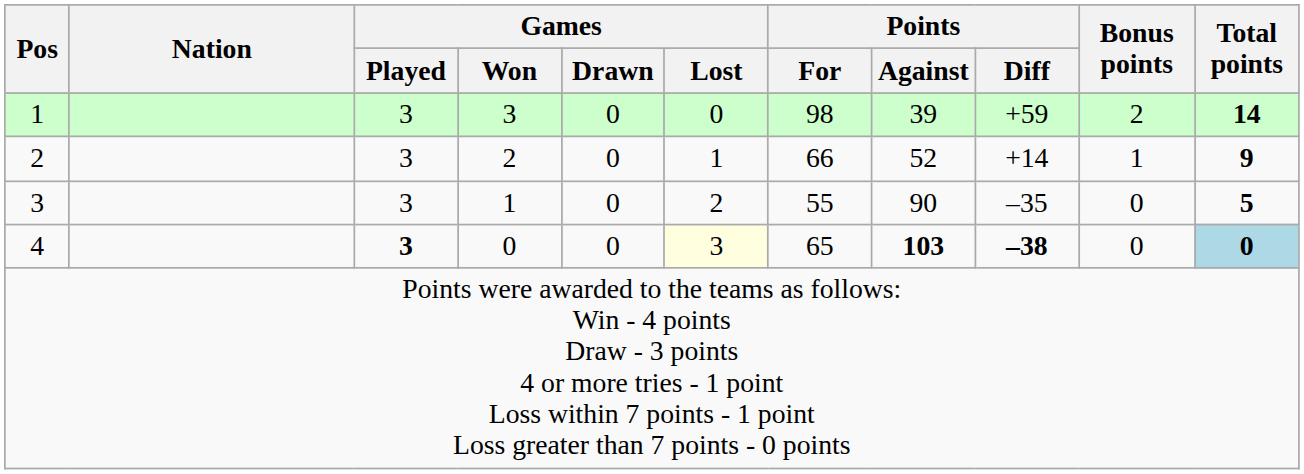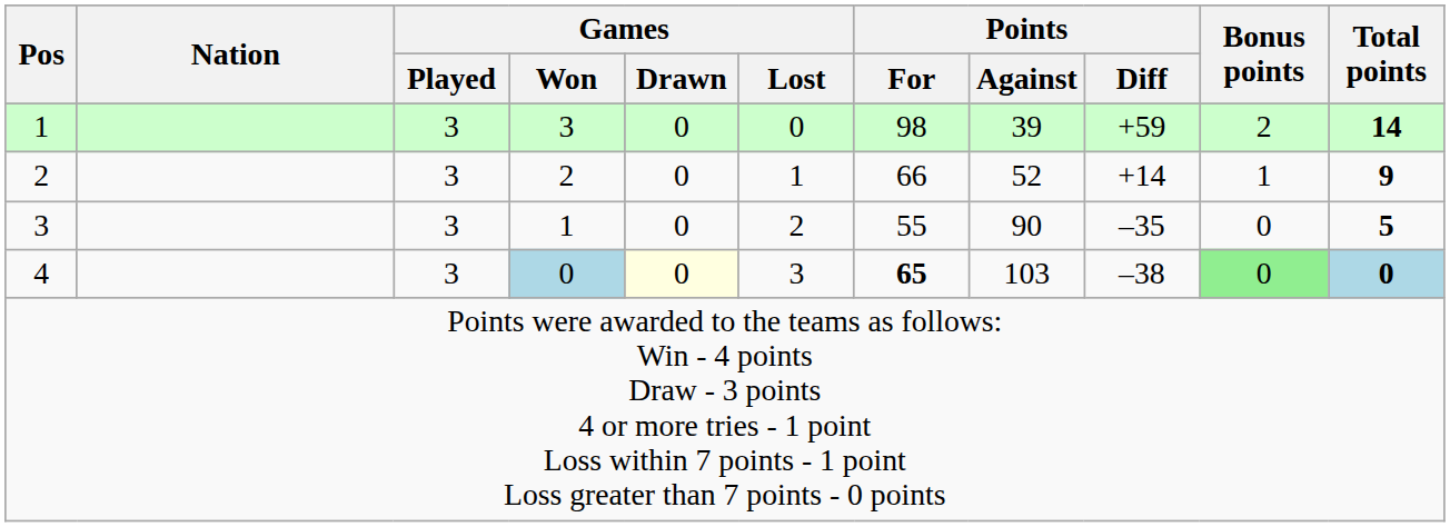 <table class="wikitable" style="text-align:center">
 <tr>
 <th rowspan="2" style="width:5%;">Pos</th>
 <th rowspan="2" style="width:22%;">Nation</th>
 <th colspan="4" style="width:32%;">Games</th>
 <th colspan="3" style="width:32%;">Points</th>
 <th rowspan="2" style="width:9%;">Bonus<br>points</th>
 <th rowspan="2" style="width:9%;">Total<br>points</th>
 </tr>
 <tr>
 <th style="width:8%;">Played</th>
 <th style="width:8%;">Won</th>
 <th style="width:8%;">Drawn</th>
 <th style="width:8%;">Lost</th>
 <th style="width:8%;">For</th>
 <th style="width:8%;">Against</th>
 <th style="width:8%;">Diff</th>
 </tr>
 <tr bgcolor="#ccffcc">
 <td>1</td>
 <td align="left"></td>
 <td>3</td>
 <td>3</td>
 <td>0</td>
 <td>0</td>
 <td>98</td>
 <td>39</td>
 <td>+59</td>
 <td>2</td>
 <td><strong>14</strong></td>
 </tr>
 <tr>
 <td>2</td>
 <td align="left"></td>
 <td>3</td>
 <td>2</td>
 <td>0</td>
 <td>1</td>
 <td>66</td>
 <td>52</td>
 <td>+14</td>
 <td>1</td>
 <td><strong>9</strong></td>
 </tr>
 <tr>
 <td>3</td>
 <td align="left"></td>
 <td>3</td>
 <td>1</td>
 <td>0</td>
 <td>2</td>
 <td>55</td>
 <td>90</td>
 <td>–35</td>
 <td>0</td>
 <td><strong>5</strong></td>
 </tr>
 <tr>
 <td>4</td>
 <td align="left"></td>
-<td><strong>3</strong></td>
-<td>0</td>
-<td>0</td>
-<td style="background: lightyellow;">3</td>
-<td>65</td>
-<td><strong>103</strong></td>
-<td><strong>–38</strong></td>
-<td>0</td>
+<td>3</td>
+<td style="background: lightblue;">0</td>
+<td style="background: lightyellow;">0</td>
+<td>3</td>
+<td><strong>65</strong></td>
+<td>103</td>
+<td>–38</td>
+<td style="background: lightgreen;">0</td>
 <td style="background: lightblue;"><strong>0</strong></td>
 </tr>
 <tr>
 <td colspan="100%" style="text-align:center;">Points were awarded to the teams as follows:<br>Win - 4 points<br>Draw - 3 points<br> 4 or more tries - 1 point<br> Loss within 7 points - 1 point<br>Loss greater than 7 points - 0 points</td>
 </tr>
 </table>
